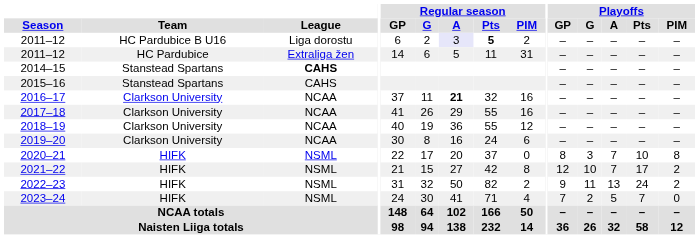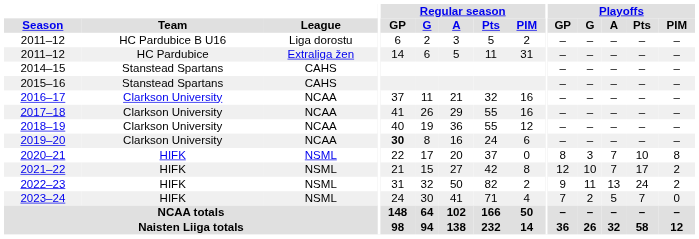 <table border="0" cellpadding="1" cellspacing="0" style="text-align:center; width:60em">
 <tr bgcolor="#e0e0e0">
 <th colspan="3" bgcolor="#ffffff"></th>
 <th rowspan="97" bgcolor="#ffffff"></th>
 <th colspan="5"><a href='#'>Regular season</a></th>
 <th rowspan="97" bgcolor="#ffffff"></th>
 <th colspan="5"><a href='#'>Playoffs</a></th>
 </tr>
 <tr bgcolor="#e0e0e0">
 <th><a href='#'>Season</a></th>
 <th>Team</th>
 <th>League</th>
 <th>GP</th>
 <th><a href='#'>G</a></th>
 <th><a href='#'>A</a></th>
 <th><a href='#'>Pts</a></th>
 <th><a href='#'>PIM</a></th>
 <th>GP</th>
 <th>G</th>
 <th>A</th>
 <th>Pts</th>
 <th>PIM</th>
 </tr>
 <tr>
 <td>2011–12</td>
 <td>HC Pardubice B U16</td>
 <td>Liga dorostu</td>
 <td>6</td>
 <td>2</td>
-<td style="background: lavender;">3</td>
-<td><strong>5</strong></td>
+<td>3</td>
+<td>5</td>
 <td>2</td>
 <td>–</td>
 <td>–</td>
 <td>–</td>
 <td>–</td>
 <td>–</td>
 </tr>
 <tr bgcolor="#f0f0f0">
 <td>2011–12</td>
 <td>HC Pardubice</td>
 <td><a href='#'>Extraliga žen</a></td>
 <td>14</td>
 <td>6</td>
 <td>5</td>
 <td>11</td>
 <td>31</td>
 <td>–</td>
 <td>–</td>
 <td>–</td>
 <td>–</td>
 <td>–</td>
 </tr>
 <tr>
 <td>2014–15</td>
 <td>Stanstead Spartans</td>
-<td><strong>CAHS</strong></td>
+<td>CAHS</td>
 <td></td>
 <td></td>
 <td></td>
 <td></td>
 <td></td>
 <td>–</td>
 <td>–</td>
 <td>–</td>
 <td>–</td>
 <td>–</td>
 </tr>
 <tr bgcolor="#f0f0f0">
 <td>2015–16</td>
 <td>Stanstead Spartans</td>
 <td>CAHS</td>
 <td></td>
 <td></td>
 <td></td>
 <td></td>
 <td></td>
 <td>–</td>
 <td>–</td>
 <td>–</td>
 <td>–</td>
 <td>–</td>
 </tr>
 <tr>
 <td><a href='#'>2016–17</a></td>
 <td><a href='#'>Clarkson University</a></td>
 <td>NCAA</td>
 <td>37</td>
 <td>11</td>
-<td><strong>21</strong></td>
+<td>21</td>
 <td>32</td>
 <td>16</td>
 <td>–</td>
 <td>–</td>
 <td>–</td>
 <td>–</td>
 <td>–</td>
 </tr>
 <tr bgcolor="#f0f0f0">
 <td><a href='#'>2017–18</a></td>
 <td>Clarkson University</td>
 <td>NCAA</td>
 <td>41</td>
 <td>26</td>
 <td>29</td>
 <td>55</td>
 <td>16</td>
 <td>–</td>
 <td>–</td>
 <td>–</td>
 <td>–</td>
 <td>–</td>
 </tr>
 <tr>
 <td><a href='#'>2018–19</a></td>
 <td>Clarkson University</td>
 <td>NCAA</td>
 <td>40</td>
 <td>19</td>
 <td>36</td>
 <td>55</td>
 <td>12</td>
 <td>–</td>
 <td>–</td>
 <td>–</td>
 <td>–</td>
 <td>–</td>
 </tr>
 <tr bgcolor="#f0f0f0">
 <td><a href='#'>2019–20</a></td>
 <td>Clarkson University</td>
 <td>NCAA</td>
-<td>30</td>
+<td><strong>30</strong></td>
 <td>8</td>
 <td>16</td>
 <td>24</td>
 <td>6</td>
 <td>–</td>
 <td>–</td>
 <td>–</td>
 <td>–</td>
 <td>–</td>
 </tr>
 <tr>
 <td><a href='#'>2020–21</a></td>
 <td><a href='#'>HIFK</a></td>
 <td><a href='#'>NSML</a></td>
 <td>22</td>
 <td>17</td>
 <td>20</td>
 <td>37</td>
 <td>0</td>
 <td>8</td>
 <td>3</td>
 <td>7</td>
 <td>10</td>
 <td>8</td>
 </tr>
 <tr bgcolor="#f0f0f0">
 <td><a href='#'>2021–22</a></td>
 <td>HIFK</td>
 <td>NSML</td>
 <td>21</td>
 <td>15</td>
 <td>27</td>
 <td>42</td>
 <td>8</td>
 <td>12</td>
 <td>10</td>
 <td>7</td>
 <td>17</td>
 <td>2</td>
 </tr>
 <tr>
 <td><a href='#'>2022–23</a></td>
 <td>HIFK</td>
 <td>NSML</td>
 <td>31</td>
 <td>32</td>
 <td>50</td>
 <td>82</td>
 <td>2</td>
 <td>9</td>
 <td>11</td>
 <td>13</td>
 <td>24</td>
 <td>2</td>
 </tr>
 <tr bgcolor="#f0f0f0">
 <td><a href='#'>2023–24</a></td>
 <td>HIFK</td>
 <td>NSML</td>
 <td>24</td>
 <td>30</td>
 <td>41</td>
 <td>71</td>
 <td>4</td>
 <td>7</td>
 <td>2</td>
 <td>5</td>
 <td>7</td>
 <td>0</td>
 </tr>
 <tr bgcolor="#e0e0e0">
 <th colspan="3">NCAA totals</th>
 <th>148</th>
 <th>64</th>
 <th>102</th>
 <th>166</th>
 <th>50</th>
 <th>–</th>
 <th>–</th>
 <th>–</th>
 <th>–</th>
 <th>–</th>
 </tr>
 <tr bgcolor="#e0e0e0">
 <th colspan="3">Naisten Liiga totals</th>
 <th>98</th>
 <th>94</th>
 <th>138</th>
 <th>232</th>
 <th>14</th>
 <th>36</th>
 <th>26</th>
 <th>32</th>
 <th>58</th>
 <th>12</th>
 </tr>
 </table>
